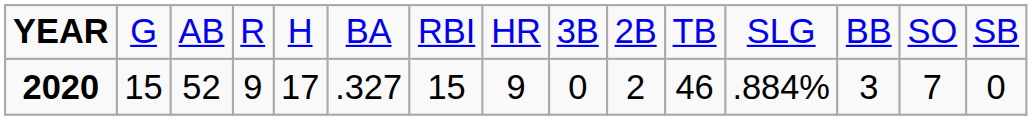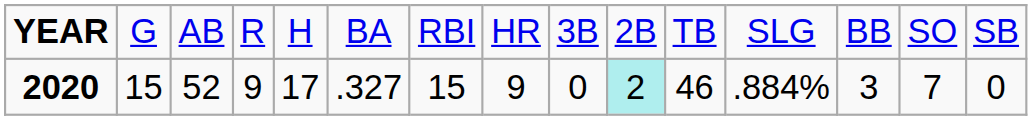 <table class="wikitable">
 <tr align=center>
 <td><strong>YEAR</strong></td>
 <td><a href='#'>G</a></td>
 <td><a href='#'>AB</a></td>
 <td><a href='#'>R</a></td>
 <td><a href='#'>H</a></td>
 <td><a href='#'>BA</a></td>
 <td><a href='#'>RBI</a></td>
 <td><a href='#'>HR</a></td>
 <td><a href='#'>3B</a></td>
 <td><a href='#'>2B</a></td>
 <td><a href='#'>TB</a></td>
 <td><a href='#'>SLG</a></td>
 <td><a href='#'>BB</a></td>
 <td><a href='#'>SO</a></td>
 <td><a href='#'>SB</a></td>
 </tr>
 <tr align=center>
 <td><strong>2020</strong></td>
 <td>15</td>
 <td>52</td>
 <td>9</td>
 <td>17</td>
 <td>.327</td>
 <td>15</td>
 <td>9</td>
 <td>0</td>
-<td>2</td>
+<td style="background: paleturquoise;">2</td>
 <td>46</td>
 <td>.884%</td>
 <td>3</td>
 <td>7</td>
 <td>0</td>
 </tr>
 </table>
